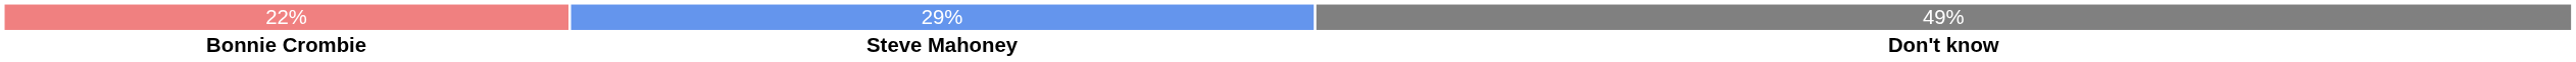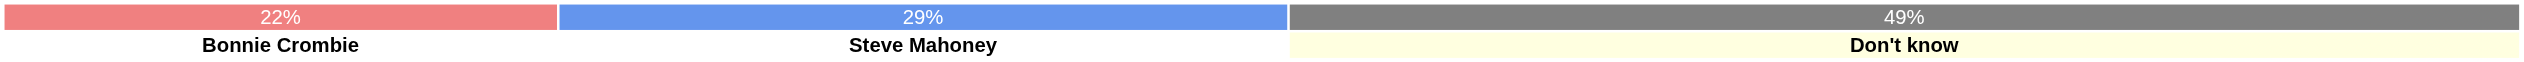 <table style="width:100%; text-align:center;">
 <tr style="color:white;">
 <td style="background:lightcoral; width:22%;">22%</td>
 <td style="background:cornflowerblue; width:29%;">29%</td>
 <td style="background:gray; width:49%;">49%</td>
 </tr>
 <tr>
 <td><span><strong>Bonnie Crombie</strong></span></td>
 <td><span><strong>Steve Mahoney</strong></span></td>
-<td><span><strong>Don't know</strong></span></td>
+<td style="background: lightyellow;"><span><strong>Don't know</strong></span></td>
 </tr>
 </table>
